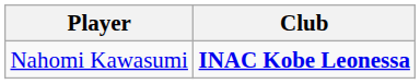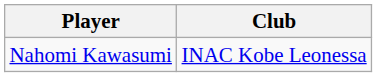 <table class="wikitable">
 <tr>
 <th>Player</th>
 <th>Club</th>
 </tr>
 <tr>
 <td> <a href='#'>Nahomi Kawasumi</a></td>
-<td><strong><a href='#'>INAC Kobe Leonessa</a></strong></td>
+<td><a href='#'>INAC Kobe Leonessa</a></td>
 </tr>
 </table>
